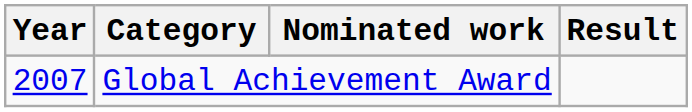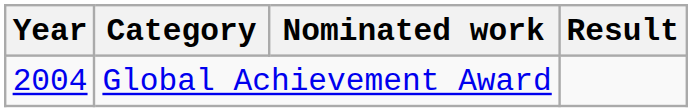 <table class="wikitable">
 <tr>
 <th>Year</th>
 <th>Category</th>
 <th>Nominated work</th>
 <th>Result</th>
 </tr>
 <tr>
-<td><a href='#'>2007</a></td>
+<td><a href='#'>2004</a></td>
 <td colspan=2><a href='#'>Global Achievement Award</a></td>
 <td></td>
 </tr>
 </table>
